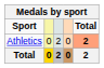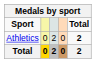 <table class="wikitable" style="font-size:85%; text-align:center;">
 <tr style="background:#efefef;">
 <th colspan=5><strong>Medals by sport</strong></th>
 </tr>
 <tr style="text-align:center;">
 <td><strong>Sport</strong></td>
 <td bgcolor=#f7f6a8></td>
 <td bgcolor=#dce5e5></td>
 <td bgcolor=#ffdab9></td>
 <td><strong>Total</strong></td>
 </tr>
 <tr>
 <td><a href='#'>Athletics</a></td>
 <td style="background:#F7F6A8;">0</td>
 <td style="background:#DCE5E5;">2</td>
 <td style="background:#FFDAB9;">0</td>
-<td style="background: lightsalmon;"><strong>2</strong></td>
+<td><strong>2</strong></td>
 </tr>
 <tr>
 <th><strong>Total</strong></th>
 <th style="background:gold;"><strong>0</strong></th>
 <th style="background:silver;"><strong>2</strong></th>
 <th style="background:#c96;"><strong>0</strong></th>
 <th><strong>2</strong></th>
 </tr>
 </table>
